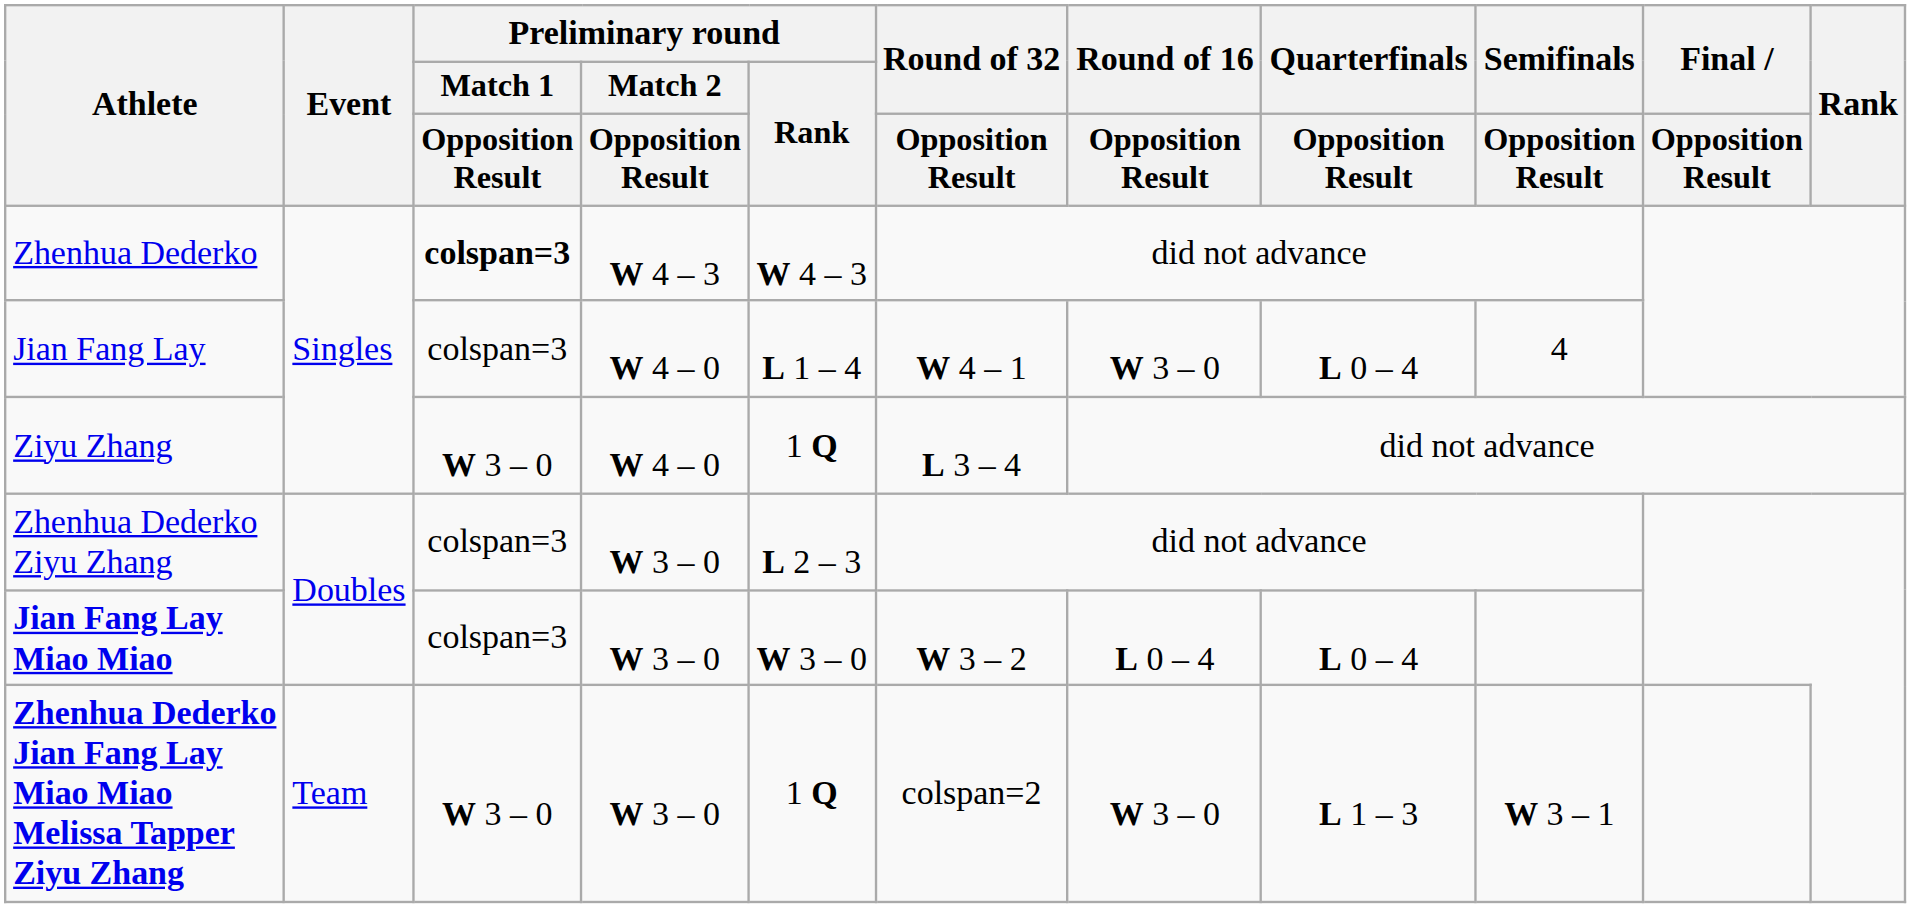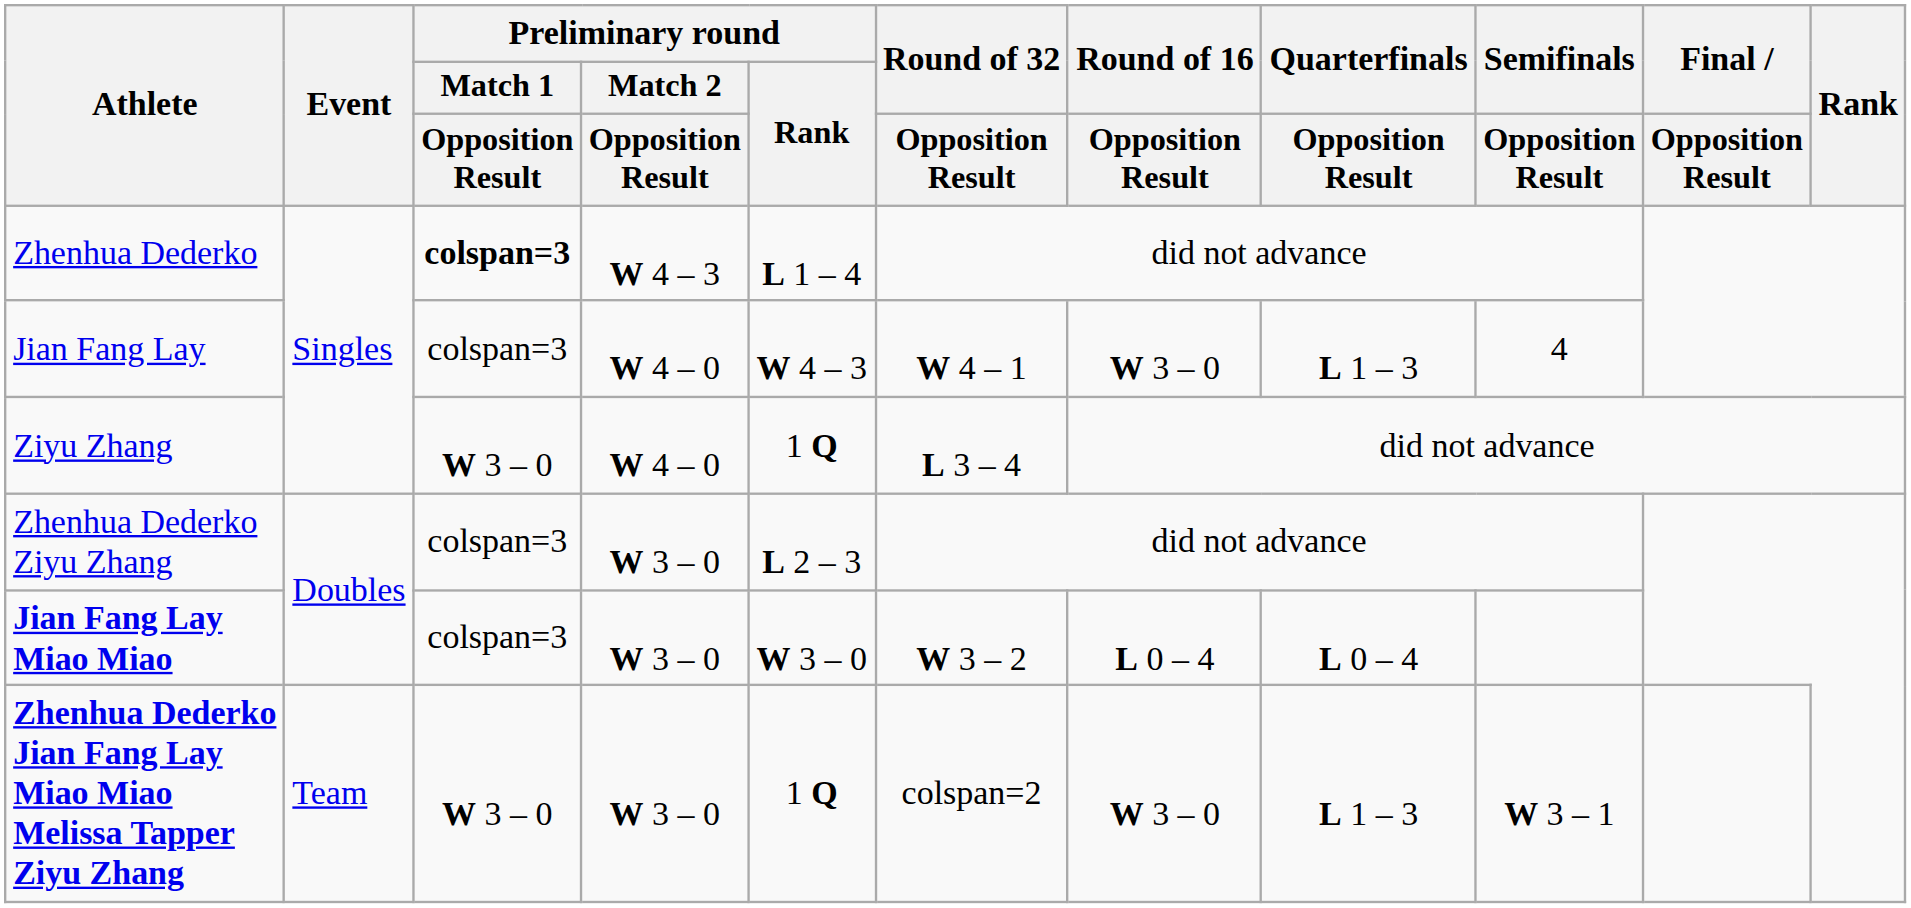 <table class="wikitable" style="font-size:90%">
 <tr>
 <th rowspan=3>Athlete</th>
 <th rowspan=3>Event</th>
 <th colspan=3>Preliminary round</th>
 <th rowspan=2>Round of 32</th>
 <th rowspan=2>Round of 16</th>
 <th rowspan=2>Quarterfinals</th>
 <th rowspan=2>Semifinals</th>
 <th rowspan=2>Final / </th>
 <th rowspan=3>Rank</th>
 </tr>
 <tr style="font-size:95%">
 <th>Match 1</th>
 <th>Match 2</th>
 <th rowspan=2>Rank</th>
 </tr>
 <tr style="font-size:95%">
 <th>Opposition<br>Result</th>
 <th>Opposition<br>Result</th>
 <th>Opposition<br>Result</th>
 <th>Opposition<br>Result</th>
 <th>Opposition<br>Result</th>
 <th>Opposition<br>Result</th>
 <th>Opposition<br>Result</th>
 </tr>
 <tr align=center>
 <td align=left><a href='#'>Zhenhua Dederko</a></td>
 <td align=left rowspan=3><a href='#'>Singles</a></td>
 <td><strong>colspan=3 </strong></td>
 <td><br><strong>W</strong> 4 – 3</td>
-<td><br><strong>W</strong> 4 – 3</td>
+<td><br><strong>L</strong> 1 – 4</td>
 <td colspan=4>did not advance</td>
 </tr>
 <tr align=center>
 <td align=left><a href='#'>Jian Fang Lay</a></td>
 <td>colspan=3 </td>
 <td><br><strong>W</strong> 4 – 0</td>
-<td><br><strong>L</strong> 1 – 4</td>
+<td><br><strong>W</strong> 4 – 3</td>
 <td><br><strong>W</strong> 4 – 1</td>
 <td><br><strong>W</strong> 3 – 0</td>
-<td><br><strong>L</strong> 0 – 4</td>
+<td><br><strong>L</strong> 1 – 3</td>
 <td>4</td>
 </tr>
 <tr align=center>
 <td align=left><a href='#'>Ziyu Zhang</a></td>
 <td><br><strong>W</strong> 3 – 0</td>
 <td><br><strong>W</strong> 4 – 0</td>
 <td>1 <strong>Q</strong></td>
 <td><br><strong>L</strong> 3 – 4</td>
 <td colspan=5>did not advance</td>
 </tr>
 <tr align=center>
 <td align=left><a href='#'>Zhenhua Dederko</a><br><a href='#'>Ziyu Zhang</a></td>
 <td align=left rowspan=2><a href='#'>Doubles</a></td>
 <td>colspan=3 </td>
 <td><br><strong>W</strong> 3 – 0</td>
 <td><br><strong>L</strong> 2 – 3</td>
 <td colspan=4>did not advance</td>
 </tr>
 <tr align=center>
 <td align=left><strong><a href='#'>Jian Fang Lay</a><br><a href='#'>Miao Miao</a></strong></td>
 <td>colspan=3 </td>
 <td><br><strong>W</strong> 3 – 0</td>
 <td><br><strong>W</strong> 3 – 0</td>
 <td><br><strong>W</strong> 3 – 2</td>
 <td><br><strong>L</strong> 0 – 4</td>
 <td><br><strong>L</strong> 0 – 4</td>
 <td></td>
 </tr>
 <tr align=center>
 <td align=left><strong><a href='#'>Zhenhua Dederko</a><br><a href='#'>Jian Fang Lay</a><br><a href='#'>Miao Miao</a><br><a href='#'>Melissa Tapper</a><br><a href='#'>Ziyu Zhang</a></strong></td>
 <td align=left><a href='#'>Team</a></td>
 <td><br><strong>W</strong> 3 – 0</td>
 <td><br><strong>W</strong> 3 – 0</td>
 <td>1 <strong>Q</strong></td>
 <td>colspan=2 </td>
 <td><br><strong>W</strong> 3 – 0</td>
 <td><br><strong>L</strong> 1 – 3</td>
 <td><br> <strong>W</strong> 3 – 1</td>
 <td></td>
 </tr>
 </table>
